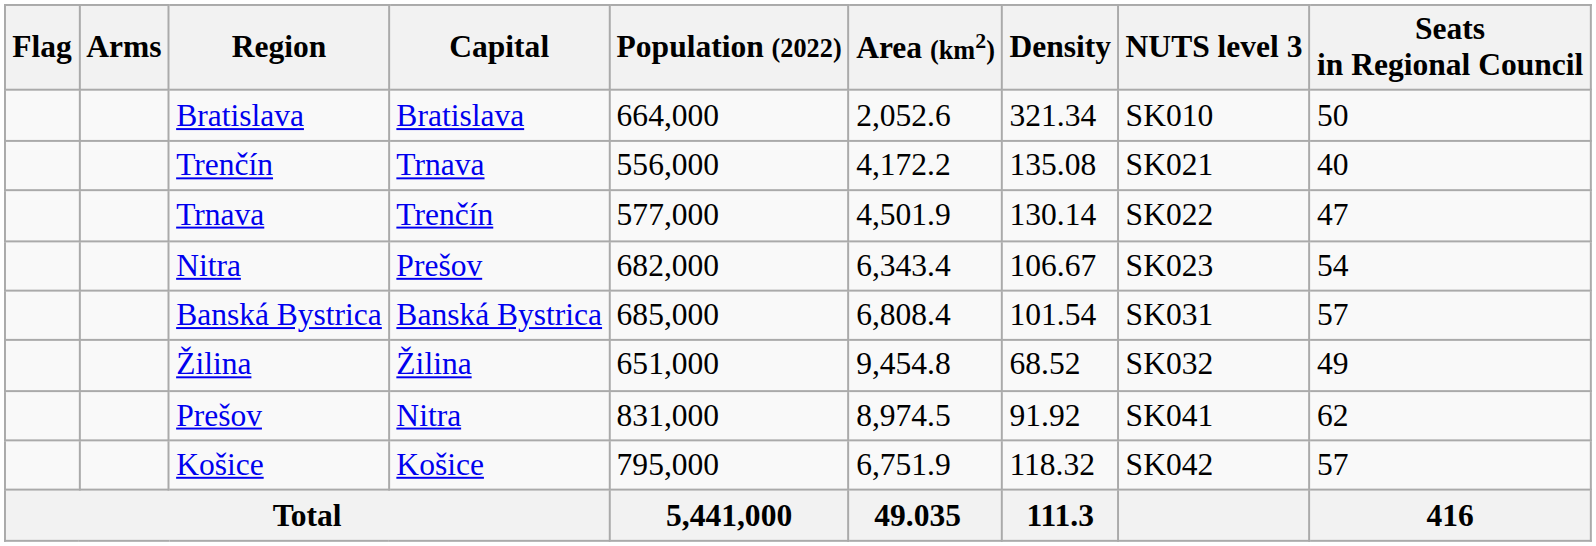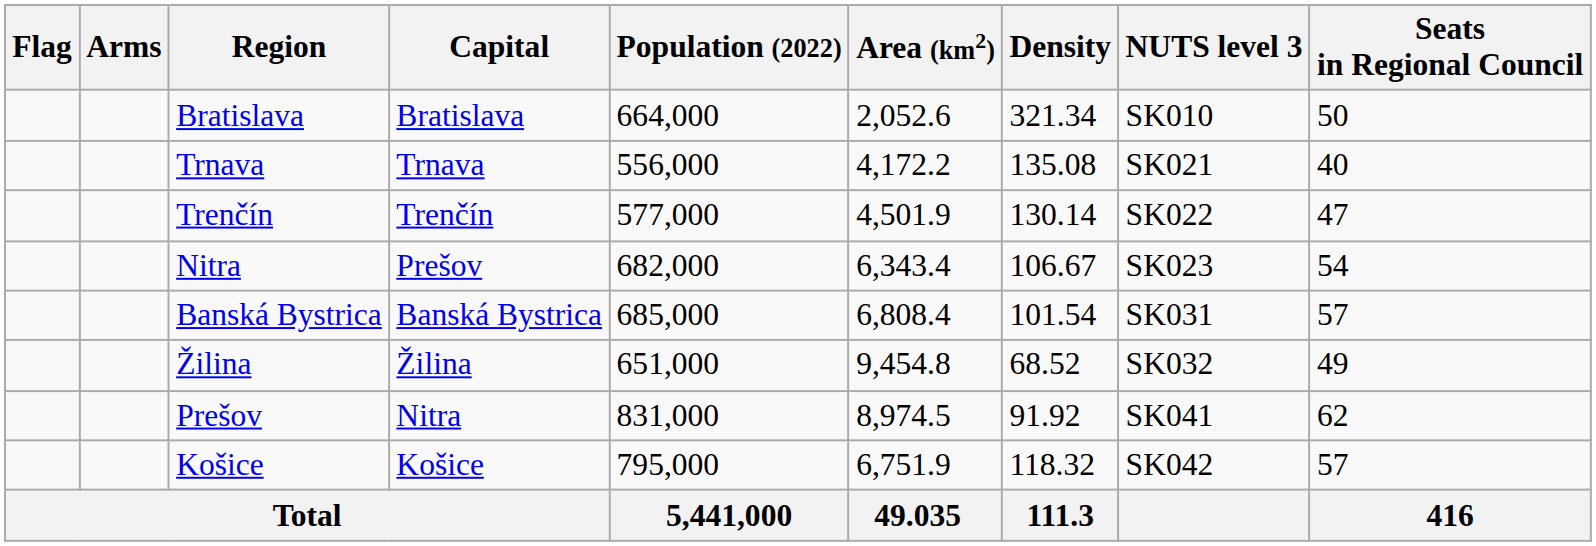 <table class = "wikitable sortable">
 <tr>
 <th class = "unsortable">Flag</th>
 <th class = "unsortable">Arms</th>
 <th>Region</th>
 <th>Capital</th>
 <th>Population <small>(2022)</small></th>
 <th>Area <small>(km<sup>2</sup>)</small></th>
 <th>Density</th>
 <th>NUTS level 3</th>
 <th>Seats<br>in Regional Council</th>
 </tr>
 <tr>
 <td></td>
 <td></td>
 <td><a href='#'>Bratislava</a></td>
 <td><a href='#'>Bratislava</a></td>
 <td> 664,000</td>
 <td>2,052.6</td>
 <td>321.34</td>
 <td>SK010</td>
 <td>50</td>
 </tr>
 <tr>
 <td></td>
 <td></td>
-<td><a href='#'>Trenčín</a></td>
+<td><a href='#'>Trnava</a></td>
 <td><a href='#'>Trnava</a></td>
 <td> 556,000</td>
 <td>4,172.2</td>
 <td>135.08</td>
 <td>SK021</td>
 <td>40</td>
 </tr>
 <tr>
 <td></td>
 <td></td>
-<td><a href='#'>Trnava</a></td>
+<td><a href='#'>Trenčín</a></td>
 <td><a href='#'>Trenčín</a></td>
 <td> 577,000</td>
 <td>4,501.9</td>
 <td>130.14</td>
 <td>SK022</td>
 <td>47</td>
 </tr>
 <tr>
 <td></td>
 <td></td>
 <td><a href='#'>Nitra</a></td>
 <td><a href='#'>Prešov</a></td>
 <td> 682,000</td>
 <td>6,343.4</td>
 <td>106.67</td>
 <td>SK023</td>
 <td>54</td>
 </tr>
 <tr>
 <td></td>
 <td></td>
 <td><a href='#'>Banská Bystrica</a></td>
 <td><a href='#'>Banská Bystrica</a></td>
 <td> 685,000</td>
 <td>6,808.4</td>
 <td>101.54</td>
 <td>SK031</td>
 <td>57</td>
 </tr>
 <tr>
 <td></td>
 <td></td>
 <td><a href='#'>Žilina</a></td>
 <td><a href='#'>Žilina</a></td>
 <td> 651,000</td>
 <td>9,454.8</td>
 <td>68.52</td>
 <td>SK032</td>
 <td>49</td>
 </tr>
 <tr>
 <td></td>
 <td></td>
 <td><a href='#'>Prešov</a></td>
 <td><a href='#'>Nitra</a></td>
 <td> 831,000</td>
 <td>8,974.5</td>
 <td>91.92</td>
 <td>SK041</td>
 <td>62</td>
 </tr>
 <tr>
 <td></td>
 <td></td>
 <td><a href='#'>Košice</a></td>
 <td><a href='#'>Košice</a></td>
 <td> 795,000</td>
 <td>6,751.9</td>
 <td>118.32</td>
 <td>SK042</td>
 <td>57</td>
 </tr>
 <tr>
 <th colspan="4">Total</th>
 <th>5,441,000</th>
 <th>49.035    </th>
 <th>111.3</th>
 <th></th>
 <th>416</th>
 </tr>
 </table>
